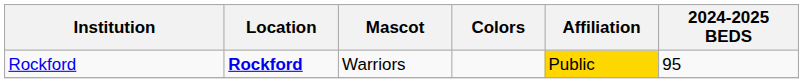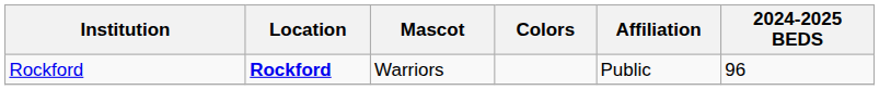 <table class="wikitable">
 <tr>
 <th scope="col" style="width: 200px;">Institution</th>
 <th scope="col" style="width: 100px;">Location</th>
 <th scope="col" style="width: 100px;">Mascot</th>
 <th scope="col" style="width: 80px;">Colors</th>
 <th scope="col" style="width: 100px;">Affiliation</th>
 <th scope="col" style="width: 125px;">2024-2025 BEDS</th>
 </tr>
 <tr>
 <td><a href='#'>Rockford</a></td>
 <td><strong><a href='#'>Rockford</a></strong></td>
 <td>Warriors</td>
 <td> </td>
-<td style="background: gold;">Public</td>
-<td>95</td>
+<td>Public</td>
+<td>96</td>
 </tr>
 <tr>
 </tr>
 </table>
